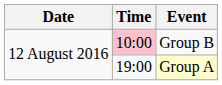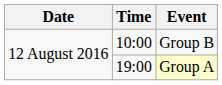 <table class = "wikitable" style="text-align:center;">
 <tr>
 <th>Date</th>
 <th>Time</th>
 <th>Event</th>
 </tr>
 <tr>
 <td rowspan=2>12 August 2016</td>
-<td style="background: pink;">10:00</td>
+<td>10:00</td>
 <td>Group B</td>
 </tr>
 <tr>
 <td>19:00</td>
 <td bgcolor=ffffcc>Group A</td>
 </tr>
 </table>
